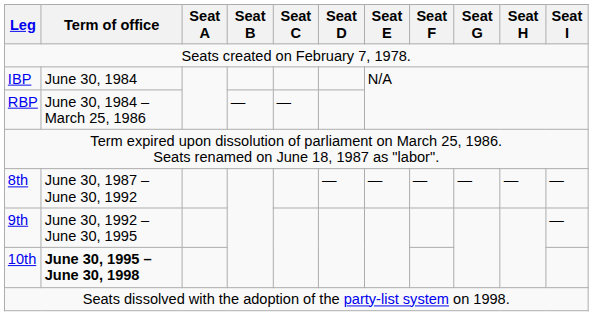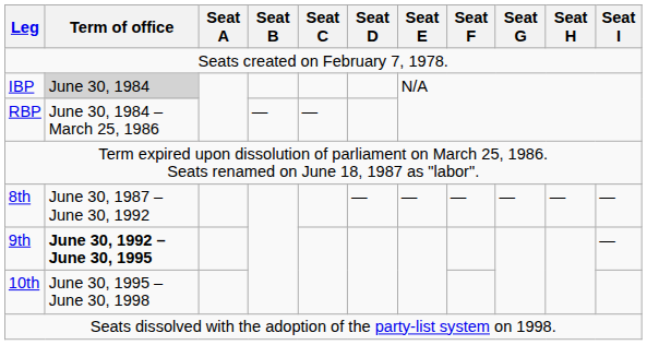 <table class="wikitable" style="font-size:95%;">
 <tr>
 <th><a href='#'>Leg</a></th>
 <th>Term of office</th>
 <th>Seat A</th>
 <th>Seat B</th>
 <th>Seat C</th>
 <th>Seat D</th>
 <th>Seat E</th>
 <th>Seat F</th>
 <th>Seat G</th>
 <th>Seat H</th>
 <th>Seat I</th>
 </tr>
 <tr style="vertical-align:top;">
 <td colspan="11" align="center">Seats created on February 7, 1978.</td>
 </tr>
 <tr style="vertical-align:top;">
 <td><a href='#'>IBP</a></td>
-<td> June 30, 1984</td>
+<td style="background: lightgrey;"> June 30, 1984</td>
 <td rowspan="2"></td>
 <td></td>
 <td></td>
 <td></td>
 <td colspan="5" rowspan="2">N/A</td>
 </tr>
 <tr style="vertical-align:top;">
 <td><a href='#'>RBP</a></td>
 <td>June 30, 1984 – March 25, 1986</td>
 <td>—</td>
 <td>—</td>
 </tr>
 <tr style="vertical-align:top;">
 <td colspan="11" align="center">Term expired upon dissolution of parliament on March 25, 1986.<br>Seats renamed on June 18, 1987 as "labor".</td>
 </tr>
 <tr style="vertical-align:top;">
 <td><a href='#'>8th</a></td>
 <td>June 30, 1987 – June 30, 1992</td>
 <td></td>
 <td rowspan="3"></td>
 <td></td>
 <td>—</td>
 <td>—</td>
 <td>—</td>
 <td>—</td>
 <td>—</td>
 <td>—</td>
 </tr>
 <tr style="vertical-align:top;">
 <td><a href='#'>9th</a></td>
-<td>June 30, 1992 – June 30, 1995</td>
+<td><strong>June 30, 1992 – June 30, 1995</strong></td>
 <td></td>
 <td rowspan="2"></td>
 <td rowspan="2"></td>
 <td rowspan="2"></td>
 <td></td>
 <td rowspan="2"></td>
 <td rowspan="2"></td>
 <td>—</td>
 </tr>
 <tr style="vertical-align:top;">
 <td><a href='#'>10th</a></td>
-<td><strong>June 30, 1995 – June 30, 1998</strong></td>
+<td>June 30, 1995 – June 30, 1998</td>
 <td></td>
 <td></td>
 <td></td>
 </tr>
 <tr>
 <td colspan="11" align="center">Seats dissolved with the adoption of the <a href='#'>party-list system</a> on 1998.</td>
 </tr>
 </table>
